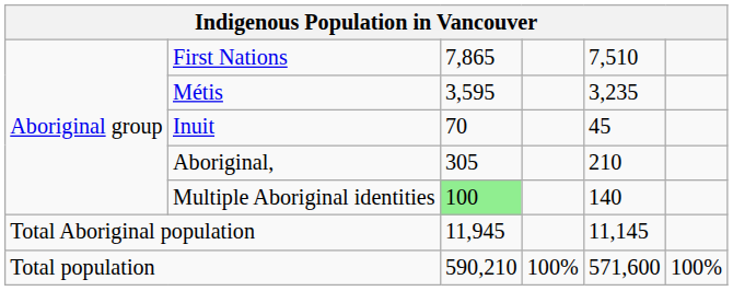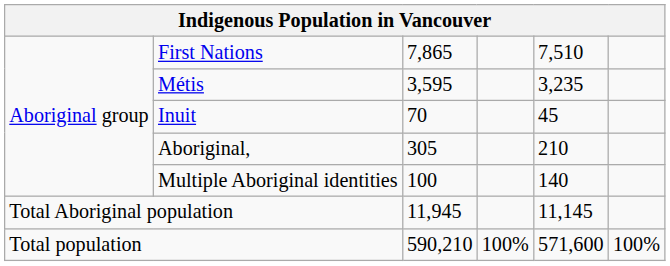 <table class="wikitable mw-datatable">
 <tr>
 <th colspan=6>Indigenous Population in Vancouver</th>
 </tr>
 <tr>
 <td rowspan="5"><a href='#'>Aboriginal</a> group</td>
 <td><a href='#'>First Nations</a></td>
 <td>7,865</td>
 <td></td>
 <td>7,510</td>
 <td></td>
 </tr>
 <tr>
 <td><a href='#'>Métis</a></td>
 <td>3,595</td>
 <td></td>
 <td>3,235</td>
 <td></td>
 </tr>
 <tr>
 <td><a href='#'>Inuit</a></td>
 <td>70</td>
 <td></td>
 <td>45</td>
 <td></td>
 </tr>
 <tr>
 <td>Aboriginal, </td>
 <td>305</td>
 <td></td>
 <td>210</td>
 <td></td>
 </tr>
 <tr>
 <td>Multiple Aboriginal identities</td>
-<td style="background: lightgreen;">100</td>
+<td>100</td>
 <td></td>
 <td>140</td>
 <td></td>
 </tr>
 <tr>
 <td colspan="2">Total Aboriginal population</td>
 <td>11,945</td>
 <td></td>
 <td>11,145</td>
 <td></td>
 </tr>
 <tr>
 <td colspan="2">Total population</td>
 <td>590,210</td>
 <td>100%</td>
 <td>571,600</td>
 <td>100%</td>
 </tr>
 </table>
